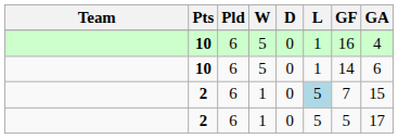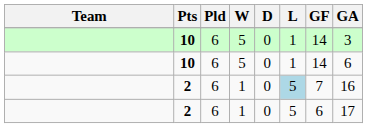 <table class="wikitable" style="text-align: center;">
 <tr>
 <th width=175>Team</th>
 <th width=20 abbr="Points">Pts</th>
 <th width=20 abbr="Played">Pld</th>
 <th width=20 abbr="Won">W</th>
 <th width=20 abbr="Drawn">D</th>
 <th width=20 abbr="Lost">L</th>
 <th width=20 abbr="Goals for">GF</th>
 <th width=20 abbr="Goals against">GA</th>
 </tr>
 <tr style="background:#ffffff;">
 </tr>
 <tr align=center bgcolor=ccffcc>
 <td style="text-align:left;"></td>
 <td><strong>10</strong></td>
 <td>6</td>
 <td>5</td>
 <td>0</td>
 <td>1</td>
-<td>16</td>
-<td>4</td>
+<td>14</td>
+<td>3</td>
 </tr>
 <tr align=center>
 <td style="text-align:left;"></td>
 <td><strong>10</strong></td>
 <td>6</td>
 <td>5</td>
 <td>0</td>
 <td>1</td>
 <td>14</td>
 <td>6</td>
 </tr>
 <tr align=center>
 <td style="text-align:left;"></td>
 <td><strong>2</strong></td>
 <td>6</td>
 <td>1</td>
 <td>0</td>
 <td style="background: lightblue;">5</td>
 <td>7</td>
-<td>15</td>
+<td>16</td>
 </tr>
 <tr align=center>
 <td style="text-align:left;"></td>
 <td><strong>2</strong></td>
 <td>6</td>
 <td>1</td>
 <td>0</td>
 <td>5</td>
-<td>5</td>
+<td>6</td>
 <td>17</td>
 </tr>
 </table>
